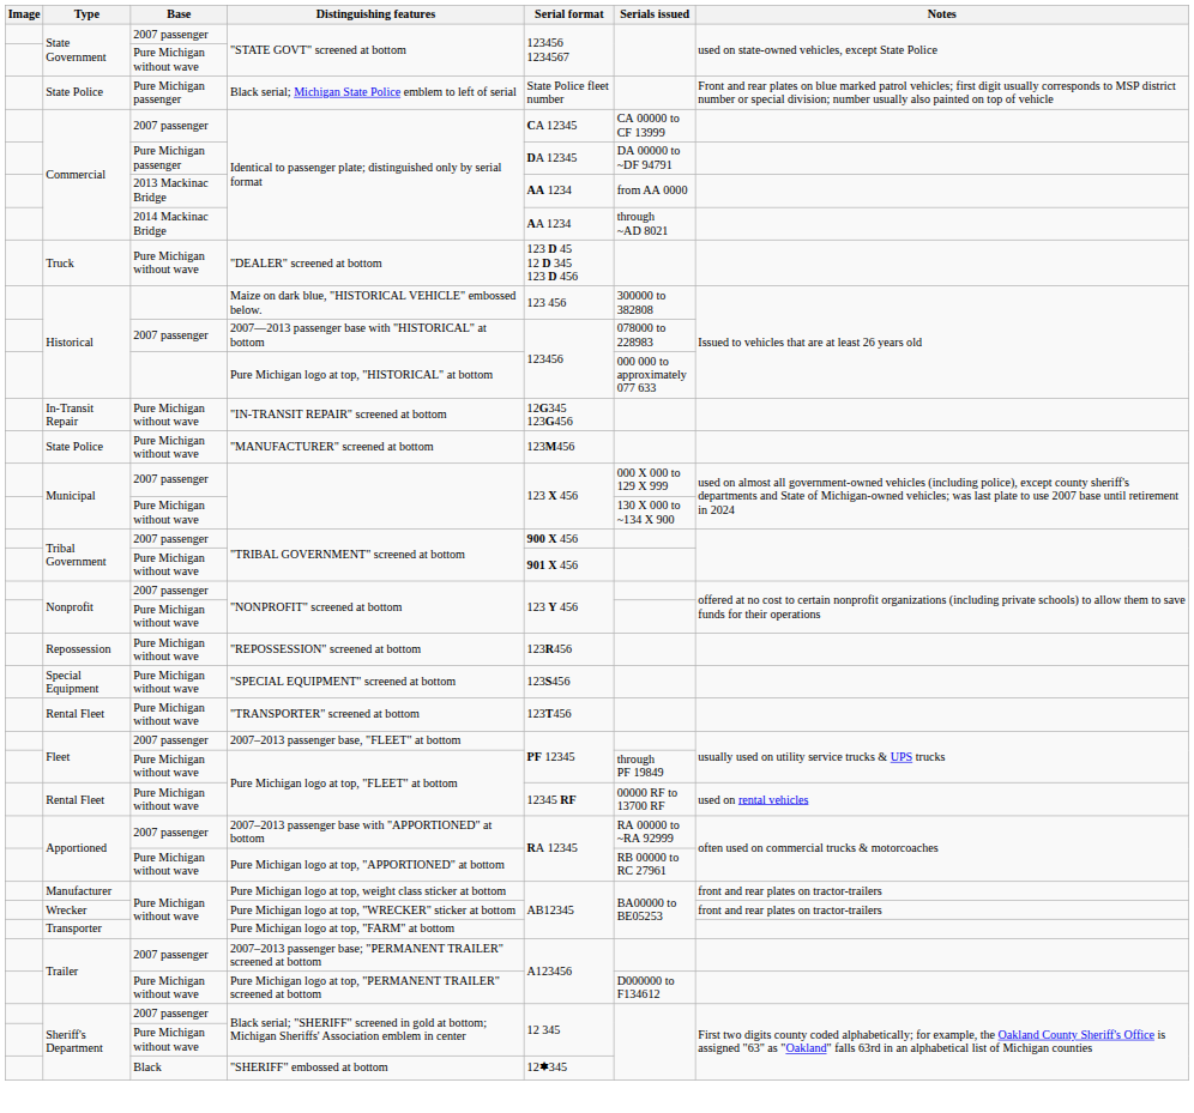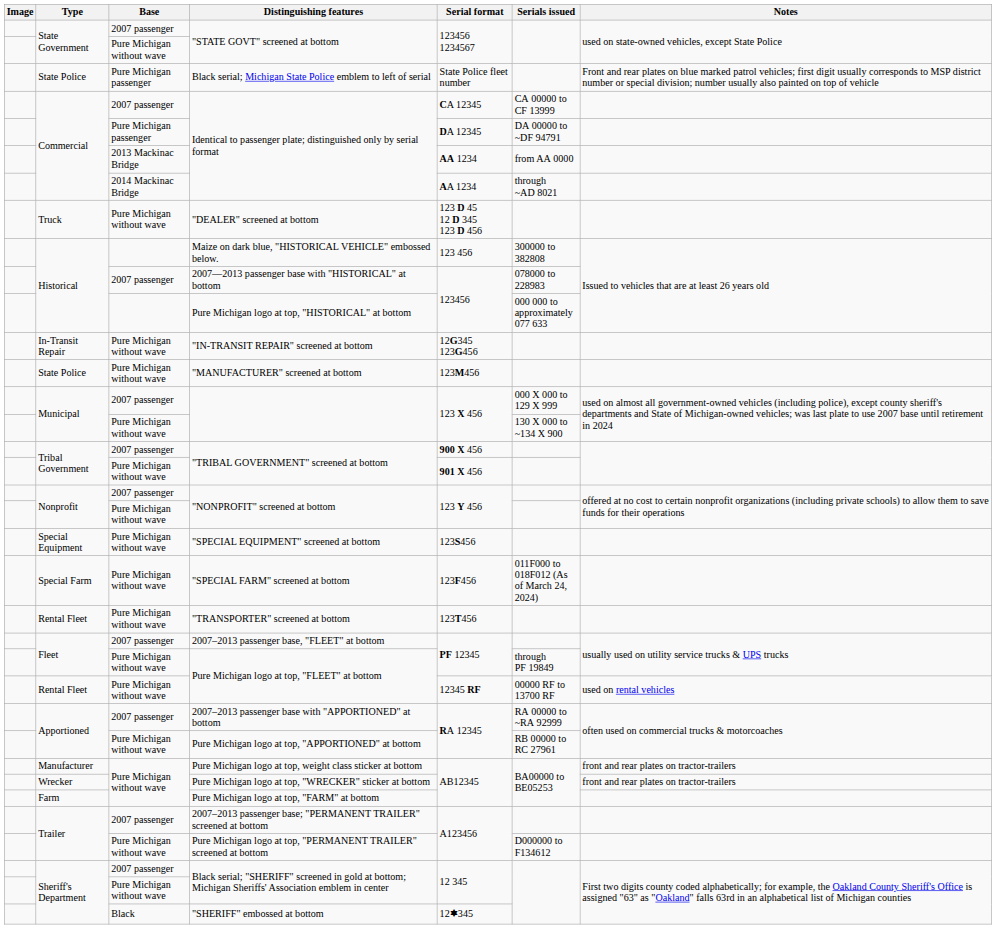 <table class="wikitable">
 <tr>
 <th>Image</th>
 <th>Type</th>
 <th>Base</th>
 <th>Distinguishing features</th>
 <th>Serial format</th>
 <th style="width:100px;">Serials issued</th>
 <th>Notes</th>
 </tr>
 <tr>
 <td></td>
 <td rowspan="2">State Government</td>
 <td>2007 passenger</td>
 <td rowspan="2">"STATE GOVT" screened at bottom</td>
 <td rowspan="2">123456<br>1234567</td>
 <td rowspan="2"></td>
 <td rowspan="2">used on state-owned vehicles, except State Police</td>
 </tr>
 <tr>
 <td></td>
 <td>Pure Michigan without wave</td>
 </tr>
 <tr>
 <td></td>
 <td>State Police</td>
 <td>Pure Michigan passenger</td>
 <td>Black serial; <a href='#'>Michigan State Police</a> emblem to left of serial</td>
 <td>State Police fleet number</td>
 <td></td>
 <td>Front and rear plates on blue marked patrol vehicles; first digit usually corresponds to MSP district number or special division; number usually also painted on top of vehicle</td>
 </tr>
 <tr>
 <td></td>
 <td rowspan="4">Commercial</td>
 <td>2007 passenger</td>
 <td rowspan="4">Identical to passenger plate; distinguished only by serial format</td>
 <td><strong>C</strong>A 12345</td>
 <td>CA<strong> </strong>00000 to CF<strong> </strong>13999</td>
 <td></td>
 </tr>
 <tr>
 <td></td>
 <td>Pure Michigan passenger</td>
 <td><strong>D</strong>A 12345</td>
 <td>DA<strong> </strong>00000 to ~DF<strong> </strong>94791 </td>
 <td></td>
 </tr>
 <tr>
 <td></td>
 <td>2013 Mackinac Bridge</td>
 <td><strong>AA</strong> 1234</td>
 <td>from AA<strong> </strong>0000</td>
 <td></td>
 </tr>
 <tr>
 <td></td>
 <td>2014 Mackinac Bridge</td>
 <td><strong>A</strong>A 1234</td>
 <td>through ~AD<strong> </strong>8021 </td>
 <td></td>
 </tr>
 <tr>
 <td></td>
 <td>Truck</td>
 <td>Pure Michigan without wave</td>
 <td>"DEALER" screened at bottom</td>
 <td>123 <strong>D </strong>45<br>12 <strong>D </strong>345 123 <strong>D </strong>456</td>
 <td></td>
 <td></td>
 </tr>
 <tr>
 <td></td>
 <td rowspan="3">Historical</td>
 <td></td>
 <td>Maize on dark blue, "HISTORICAL VEHICLE" embossed below.</td>
 <td>123 456</td>
 <td>300000 to 382808 </td>
 <td rowspan="3">Issued to vehicles that are at least 26 years old</td>
 </tr>
 <tr>
 <td></td>
 <td>2007 passenger</td>
 <td>2007—2013 passenger base with "HISTORICAL" at bottom</td>
 <td rowspan="2">123456</td>
 <td>078000 to 228983</td>
 </tr>
 <tr>
 <td></td>
 <td></td>
 <td>Pure Michigan logo at top, "HISTORICAL" at bottom</td>
 <td>000 000 to approximately 077 633</td>
 </tr>
 <tr>
 <td></td>
 <td>In-Transit Repair</td>
 <td>Pure Michigan without wave</td>
 <td>"IN-TRANSIT REPAIR" screened at bottom</td>
 <td>12<strong>G</strong>345<br>123<strong>G</strong>456</td>
 <td></td>
 <td></td>
 </tr>
 <tr>
 <td></td>
 <td>State Police</td>
 <td>Pure Michigan without wave</td>
 <td>"MANUFACTURER" screened at bottom</td>
 <td>123<strong>M</strong>456</td>
 <td></td>
 <td></td>
 </tr>
 <tr>
 <td></td>
 <td rowspan="2">Municipal</td>
 <td>2007 passenger</td>
 <td rowspan="2"></td>
 <td rowspan="2">123 <strong>X </strong>456</td>
 <td>000<strong> </strong>X<strong> </strong>000 to 129<strong> </strong>X<strong> </strong>999</td>
 <td rowspan="2">used on almost all government-owned vehicles (including police), except county sheriff's departments and State of Michigan-owned vehicles; was last plate to use 2007 base until retirement in 2024</td>
 </tr>
 <tr>
 <td></td>
 <td>Pure Michigan without wave</td>
 <td>130<strong> </strong>X<strong> </strong>000 to ~134<strong> </strong>X<strong> </strong>900</td>
 </tr>
 <tr>
 <td></td>
 <td rowspan="2">Tribal Government</td>
 <td>2007 passenger</td>
 <td rowspan="2">"TRIBAL GOVERNMENT" screened at bottom</td>
 <td><strong>900</strong> <strong>X </strong>456</td>
 <td></td>
 <td rowspan="2"></td>
 </tr>
 <tr>
 <td></td>
 <td>Pure Michigan without wave</td>
 <td><strong>901</strong> <strong>X </strong>456</td>
 <td></td>
 </tr>
 <tr>
 <td></td>
 <td rowspan="2">Nonprofit</td>
 <td>2007 passenger</td>
 <td rowspan="2">"NONPROFIT" screened at bottom</td>
 <td rowspan="2">123 <strong>Y </strong>456</td>
 <td></td>
 <td rowspan="2">offered at no cost to certain nonprofit organizations (including private schools) to allow them to save funds for their operations</td>
 </tr>
 <tr>
 <td></td>
 <td>Pure Michigan without wave</td>
 <td></td>
 </tr>
 <tr>
 <td></td>
-<td>Repossession</td>
+<td>Special Equipment</td>
 <td>Pure Michigan without wave</td>
-<td>"REPOSSESSION" screened at bottom</td>
-<td>123<strong>R</strong>456</td>
+<td>"SPECIAL EQUIPMENT" screened at bottom</td>
+<td>123<strong>S</strong>456</td>
 <td></td>
 <td></td>
 </tr>
 <tr>
 <td></td>
-<td>Special Equipment</td>
+<td>Special Farm</td>
 <td>Pure Michigan without wave</td>
-<td>"SPECIAL EQUIPMENT" screened at bottom</td>
-<td>123<strong>S</strong>456</td>
-<td></td>
+<td>"SPECIAL FARM" screened at bottom</td>
+<td>123<strong>F</strong>456</td>
+<td>011F000 to 018F012 (As of March 24, 2024)</td>
 <td></td>
 </tr>
 <tr>
 <td></td>
 <td>Rental Fleet</td>
 <td>Pure Michigan without wave</td>
 <td>"TRANSPORTER" screened at bottom</td>
 <td>123<strong>T</strong>456</td>
 <td></td>
 <td></td>
 </tr>
 <tr>
 <td></td>
 <td rowspan="2">Fleet</td>
 <td>2007 passenger</td>
 <td>2007–2013 passenger base, "FLEET" at bottom</td>
 <td rowspan="2"><strong>PF</strong> 12345</td>
 <td></td>
 <td rowspan="2">usually used on utility service trucks & <a href='#'>UPS</a> trucks</td>
 </tr>
 <tr>
 <td></td>
 <td>Pure Michigan without wave</td>
 <td rowspan="2">Pure Michigan logo at top, "FLEET" at bottom</td>
 <td>through PF 19849 </td>
 </tr>
 <tr>
 <td></td>
 <td>Rental Fleet</td>
 <td>Pure Michigan without wave</td>
 <td>12345 <strong>RF</strong></td>
 <td>00000 RF to 13700 RF </td>
 <td>used on <a href='#'>rental vehicles</a></td>
 </tr>
 <tr>
 <td></td>
 <td rowspan="2">Apportioned</td>
 <td>2007 passenger</td>
 <td>2007–2013 passenger base with "APPORTIONED" at bottom</td>
 <td rowspan="2"><strong>R</strong>A 12345</td>
 <td>RA 00000 to ~RA 92999</td>
 <td rowspan="2">often used on commercial trucks & motorcoaches</td>
 </tr>
 <tr>
 <td></td>
 <td>Pure Michigan without wave</td>
 <td>Pure Michigan logo at top, "APPORTIONED" at bottom</td>
 <td>RB 00000 to RC 27961 </td>
 </tr>
 <tr>
 <td></td>
 <td>Manufacturer</td>
 <td rowspan="3">Pure Michigan without wave</td>
 <td>Pure Michigan logo at top, weight class sticker at bottom</td>
 <td rowspan="3">AB12345</td>
 <td rowspan="3">BA00000 to BE05253 </td>
 <td>front and rear plates on tractor-trailers</td>
 </tr>
 <tr>
 <td></td>
 <td>Wrecker</td>
 <td>Pure Michigan logo at top, "WRECKER" sticker at bottom</td>
 <td>front and rear plates on tractor-trailers</td>
 </tr>
 <tr>
 <td></td>
-<td>Transporter</td>
+<td>Farm</td>
 <td>Pure Michigan logo at top, "FARM" at bottom</td>
 <td></td>
 </tr>
 <tr>
 <td></td>
 <td rowspan="2">Trailer</td>
 <td>2007 passenger</td>
 <td>2007–2013 passenger base; "PERMANENT TRAILER" screened at bottom</td>
 <td rowspan="2">A123456</td>
 <td></td>
 <td></td>
 </tr>
 <tr>
 <td></td>
 <td>Pure Michigan without wave</td>
 <td>Pure Michigan logo at top, "PERMANENT TRAILER" screened at bottom</td>
 <td>D000000 to F134612 </td>
 </tr>
 <tr>
 <td></td>
 <td rowspan="3">Sheriff's Department</td>
 <td>2007 passenger</td>
 <td rowspan="2">Black serial; "SHERIFF" screened in gold at bottom; Michigan Sheriffs' Association emblem in center</td>
 <td rowspan="2">12 345</td>
 <td rowspan="3"></td>
 <td rowspan="3">First two digits county coded alphabetically; for example, the <a href='#'>Oakland County Sheriff's Office</a> is assigned "63" as "<a href='#'>Oakland</a>" falls 63rd in an alphabetical list of Michigan counties</td>
 </tr>
 <tr>
 <td></td>
 <td>Pure Michigan without wave</td>
 </tr>
 <tr>
 <td></td>
 <td>Black</td>
 <td>"SHERIFF" embossed at bottom</td>
 <td>12🟌345</td>
 </tr>
 </table>
